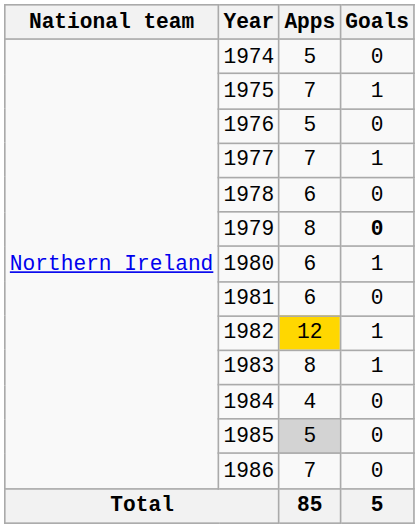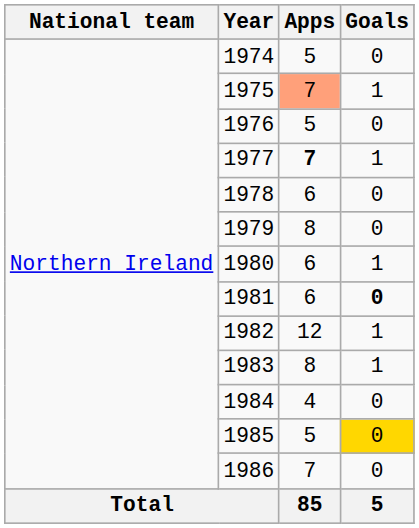 <table class=wikitable style="text-align: center">
 <tr>
 <th>National team</th>
 <th>Year</th>
 <th>Apps</th>
 <th>Goals</th>
 </tr>
 <tr>
 <td rowspan=13><a href='#'>Northern Ireland</a></td>
 <td>1974</td>
 <td>5</td>
 <td>0</td>
 </tr>
 <tr>
 <td>1975</td>
-<td>7</td>
+<td style="background: lightsalmon;">7</td>
 <td>1</td>
 </tr>
 <tr>
 <td>1976</td>
 <td>5</td>
 <td>0</td>
 </tr>
 <tr>
 <td>1977</td>
-<td>7</td>
+<td><strong>7</strong></td>
 <td>1</td>
 </tr>
 <tr>
 <td>1978</td>
 <td>6</td>
 <td>0</td>
 </tr>
 <tr>
 <td>1979</td>
 <td>8</td>
-<td><strong>0</strong></td>
+<td>0</td>
 </tr>
 <tr>
 <td>1980</td>
 <td>6</td>
 <td>1</td>
 </tr>
 <tr>
 <td>1981</td>
 <td>6</td>
-<td>0</td>
+<td><strong>0</strong></td>
 </tr>
 <tr>
 <td>1982</td>
-<td style="background: gold;">12</td>
+<td>12</td>
 <td>1</td>
 </tr>
 <tr>
 <td>1983</td>
 <td>8</td>
 <td>1</td>
 </tr>
 <tr>
 <td>1984</td>
 <td>4</td>
 <td>0</td>
 </tr>
 <tr>
 <td>1985</td>
-<td style="background: lightgrey;">5</td>
-<td>0</td>
+<td>5</td>
+<td style="background: gold;">0</td>
 </tr>
 <tr>
 <td>1986</td>
 <td>7</td>
 <td>0</td>
 </tr>
 <tr>
 <th colspan=2>Total</th>
 <th>85</th>
 <th>5</th>
 </tr>
 </table>
